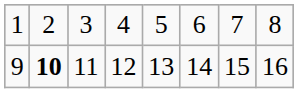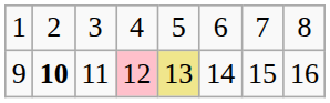 <table class="wikitable" style="text-align:center">
 <tr>
 <td>1</td>
 <td>2</td>
 <td>3</td>
 <td>4</td>
 <td>5</td>
 <td>6</td>
 <td>7</td>
 <td>8</td>
 </tr>
 <tr>
 <td>9</td>
 <td><strong>10</strong></td>
 <td>11</td>
-<td>12</td>
-<td>13</td>
+<td style="background: pink;">12</td>
+<td style="background: khaki;">13</td>
 <td>14</td>
 <td>15</td>
 <td>16</td>
 </tr>
 </table>
